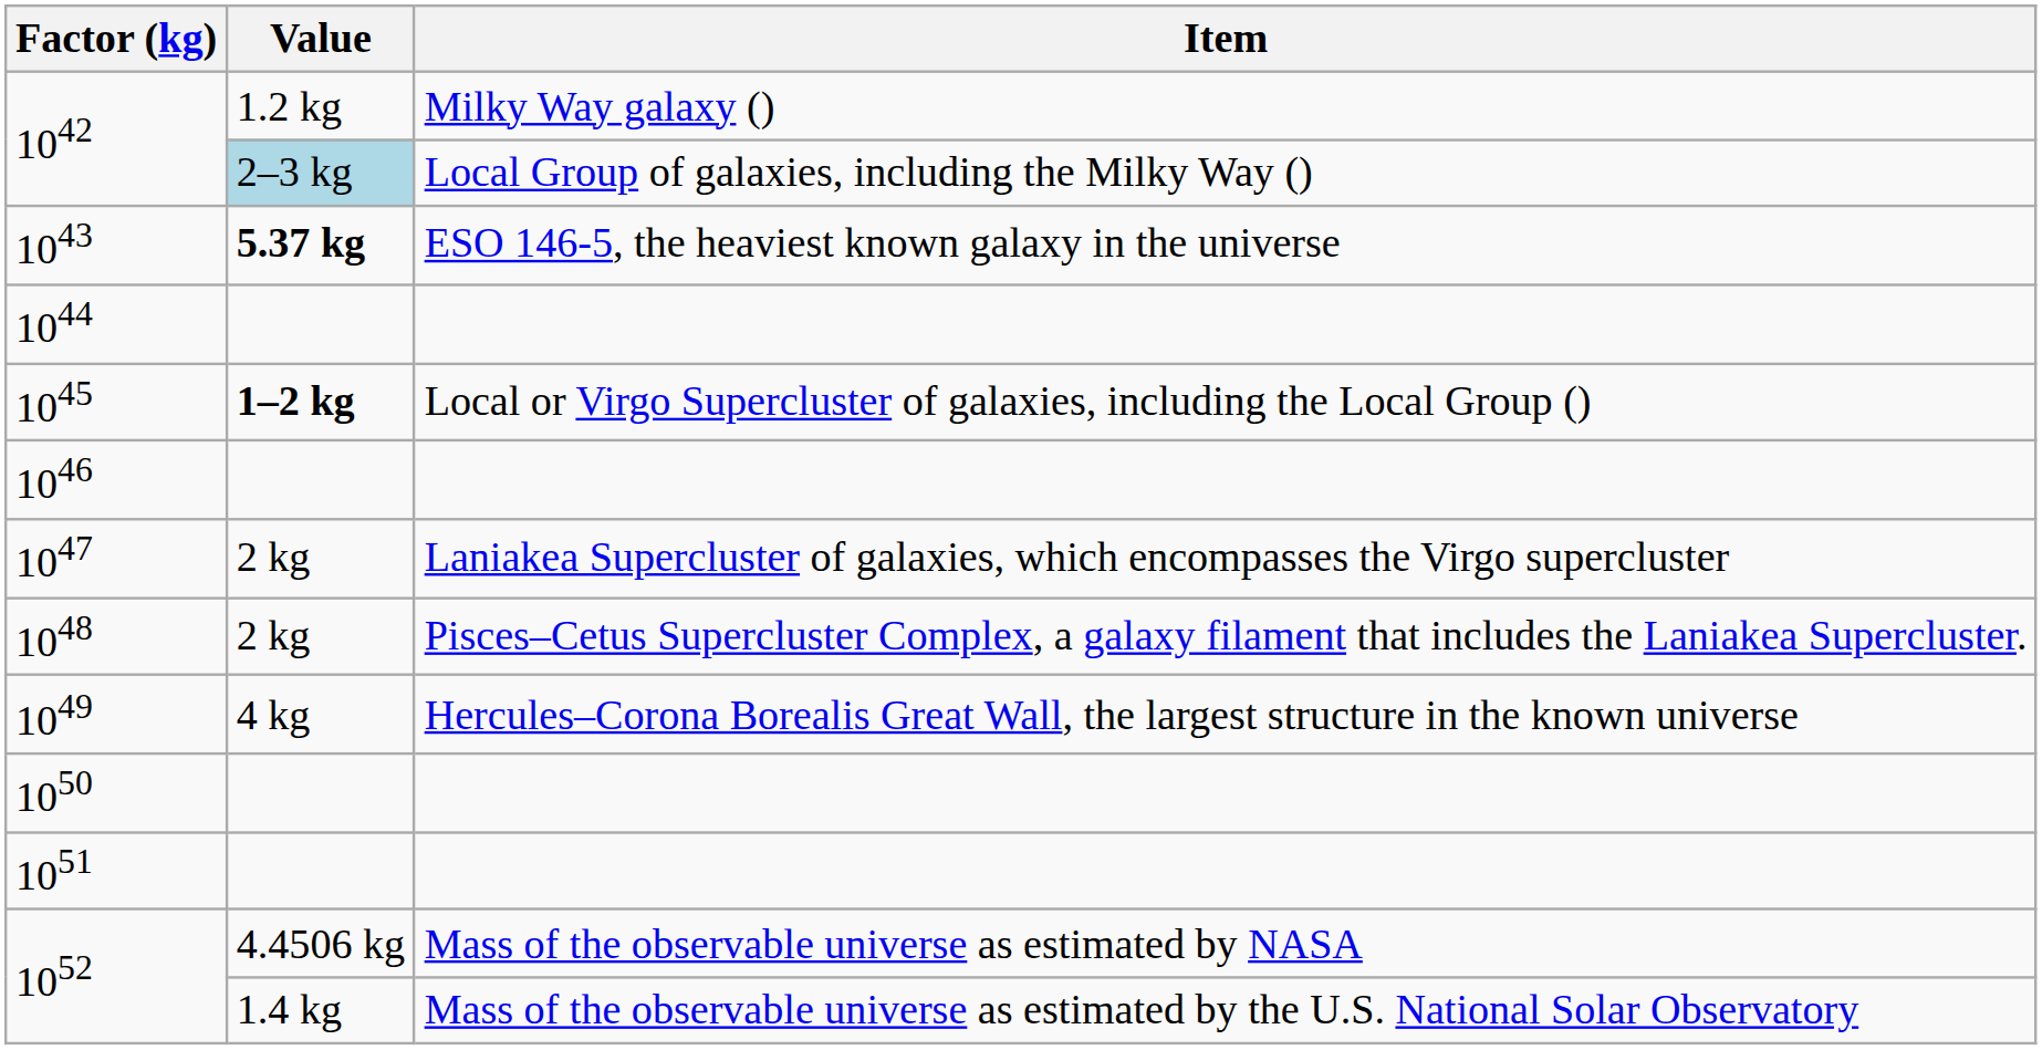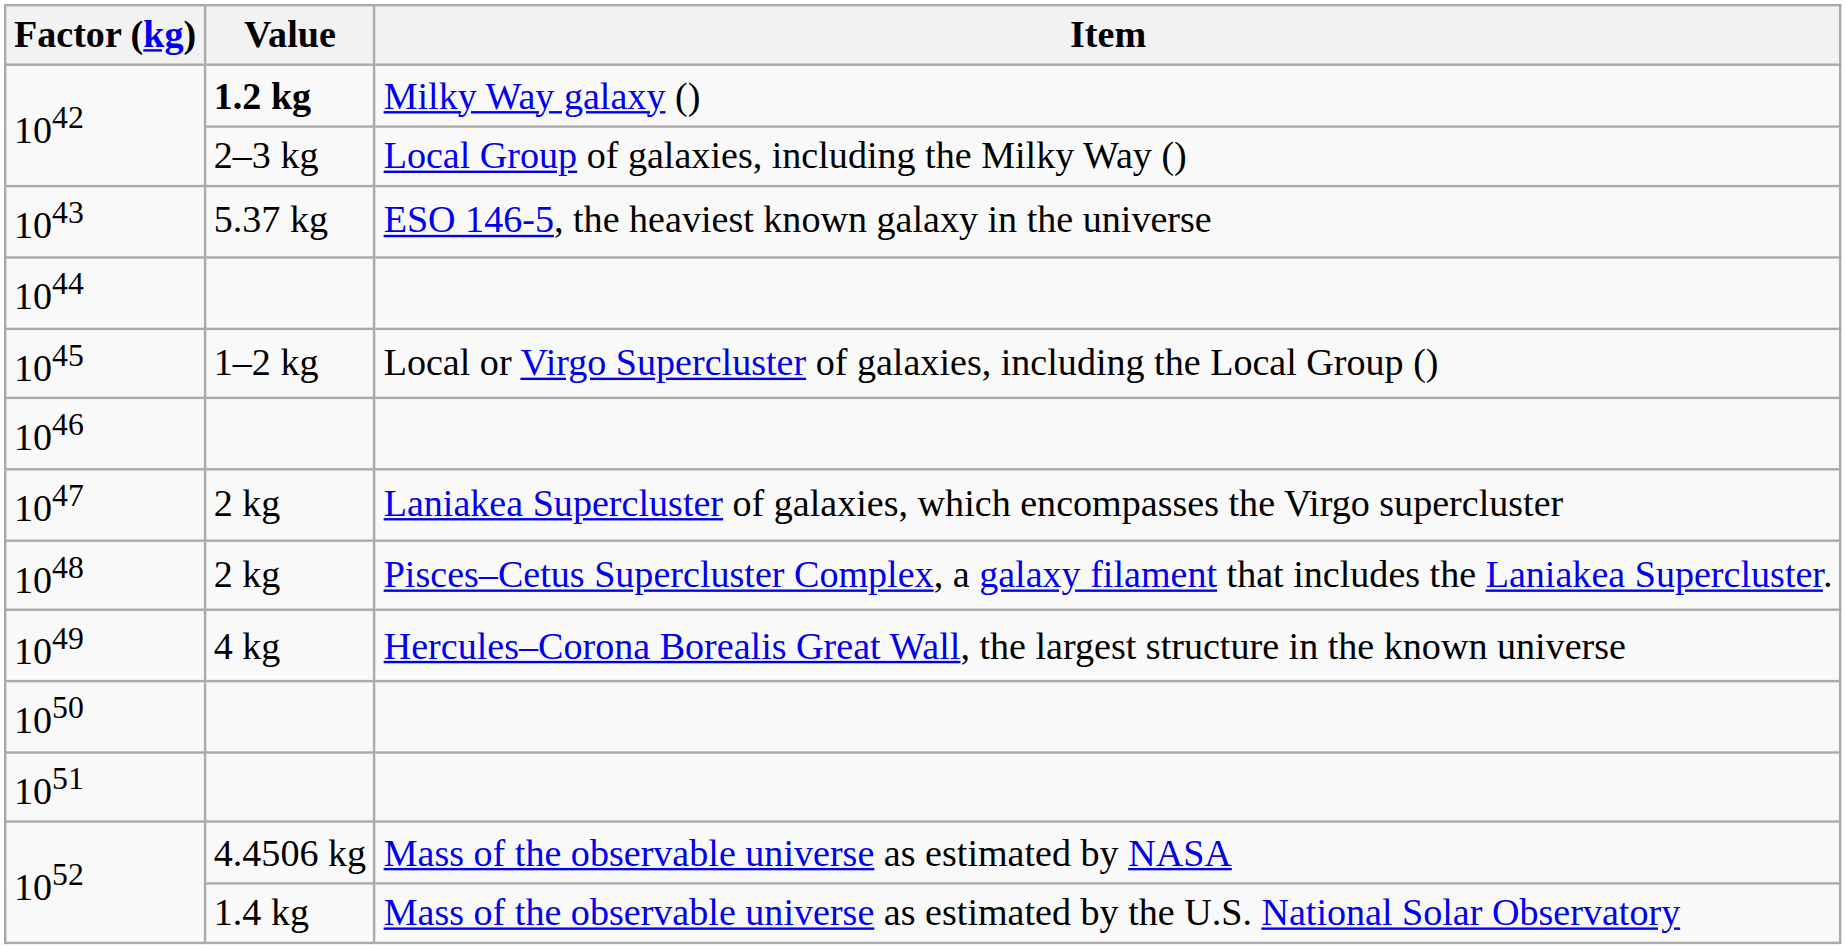 <table class="wikitable">
 <tr>
 <th>Factor (<a href='#'>kg</a>)</th>
 <th>Value</th>
 <th>Item</th>
 </tr>
 <tr>
 <td rowspan=2>10<sup>42</sup></td>
-<td>1.2 kg</td>
+<td><strong>1.2 kg</strong></td>
 <td><a href='#'>Milky Way galaxy</a> ()</td>
 </tr>
 <tr>
-<td style="background: lightblue;">2–3 kg</td>
+<td>2–3 kg</td>
 <td><a href='#'>Local Group</a> of galaxies, including the Milky Way ()</td>
 </tr>
 <tr>
 <td>10<sup>43</sup></td>
-<td><strong>5.37 kg</strong></td>
+<td>5.37 kg</td>
 <td><a href='#'>ESO 146-5</a>, the heaviest known galaxy in the universe</td>
 </tr>
 <tr>
 <td>10<sup>44</sup></td>
 <td> </td>
 <td> </td>
 </tr>
 <tr>
 <td>10<sup>45</sup></td>
-<td><strong>1–2 kg</strong></td>
+<td>1–2 kg</td>
 <td>Local or <a href='#'>Virgo Supercluster</a> of galaxies, including the Local Group ()</td>
 </tr>
 <tr>
 <td>10<sup>46</sup></td>
 <td> </td>
 <td> </td>
 </tr>
 <tr>
 <td>10<sup>47</sup></td>
 <td>2 kg</td>
 <td><a href='#'>Laniakea Supercluster</a> of galaxies, which encompasses the Virgo supercluster</td>
 </tr>
 <tr>
 <td>10<sup>48</sup></td>
 <td>2 kg</td>
 <td><a href='#'>Pisces–Cetus Supercluster Complex</a>, a <a href='#'>galaxy filament</a> that includes the <a href='#'>Laniakea Supercluster</a>.</td>
 </tr>
 <tr>
 <td>10<sup>49</sup></td>
 <td>4 kg</td>
 <td><a href='#'>Hercules–Corona Borealis Great Wall</a>, the largest structure in the known universe</td>
 </tr>
 <tr>
 <td>10<sup>50</sup></td>
 <td> </td>
 <td> </td>
 </tr>
 <tr>
 <td>10<sup>51</sup></td>
 <td> </td>
 <td> </td>
 </tr>
 <tr>
 <td rowspan=2>10<sup>52</sup></td>
 <td>4.4506 kg</td>
 <td><a href='#'>Mass of the observable universe</a> as estimated by <a href='#'>NASA</a></td>
 </tr>
 <tr>
 <td>1.4 kg</td>
 <td><a href='#'>Mass of the observable universe</a> as estimated by the U.S. <a href='#'>National Solar Observatory</a></td>
 </tr>
 </table>
